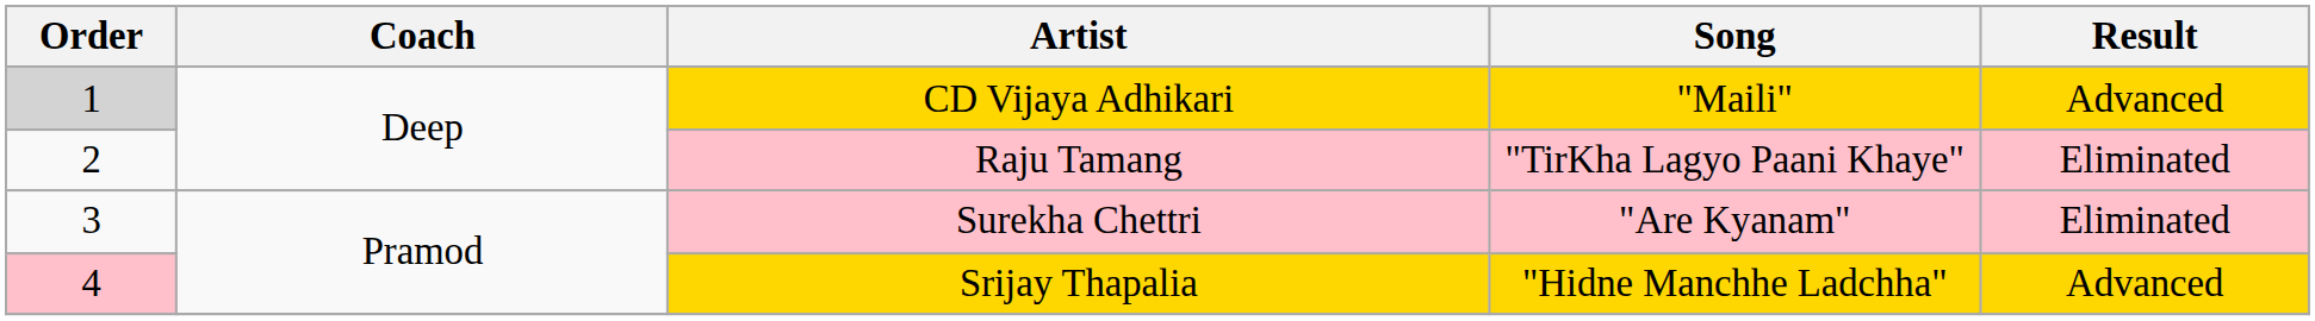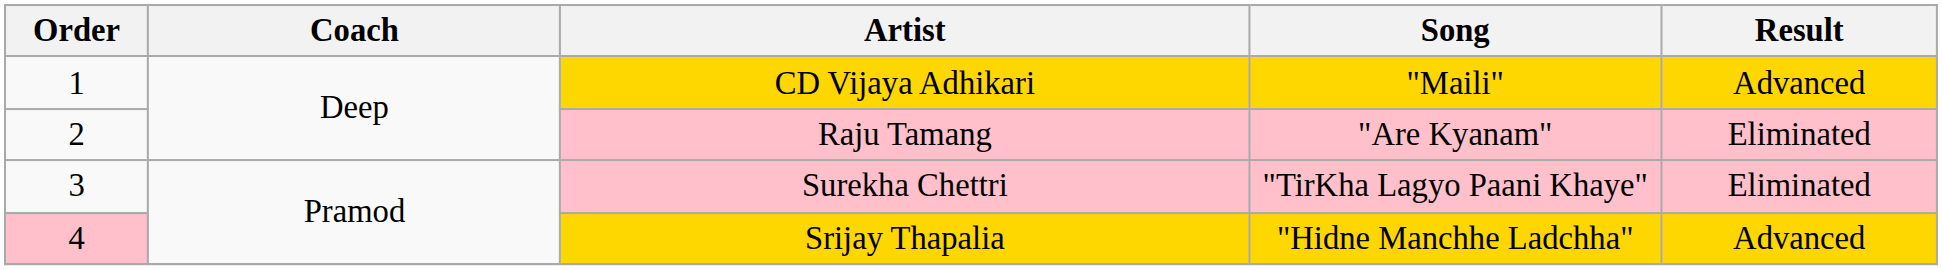 <table class="wikitable plainrowheaders" style="text-align:center; width:75%;">
 <tr>
 <th scope="col" style="width:05%;">Order</th>
 <th scope="col" style="width:15%;">Coach</th>
 <th scope="col" style="width:25%;">Artist</th>
 <th scope="col" style="width:15%;">Song</th>
 <th scope="col" style="width:10%;">Result</th>
 </tr>
 <tr>
-<td scope="row" style="background: lightgrey;">1</td>
+<td scope="row">1</td>
 <td rowspan="2">Deep</td>
 <td style="background:gold">CD Vijaya Adhikari</td>
 <td style="background:gold">"Maili"</td>
 <td style="background:gold">Advanced</td>
 </tr>
 <tr>
 <td scope="row">2</td>
 <td style="background:pink">Raju Tamang</td>
-<td style="background:pink">"TirKha Lagyo Paani Khaye"</td>
+<td style="background:pink">"Are Kyanam"</td>
 <td style="background:pink">Eliminated</td>
 </tr>
 <tr>
 <td scope="row">3</td>
 <td rowspan="2">Pramod</td>
 <td style="background:pink">Surekha Chettri</td>
-<td style="background:pink">"Are Kyanam"</td>
+<td style="background:pink">"TirKha Lagyo Paani Khaye"</td>
 <td style="background:pink">Eliminated</td>
 </tr>
 <tr>
 <td scope="row" style="background: pink;">4</td>
 <td style="background:gold">Srijay Thapalia</td>
 <td style="background:gold">"Hidne Manchhe Ladchha"</td>
 <td style="background:gold">Advanced</td>
 </tr>
 <tr>
 </tr>
 </table>
